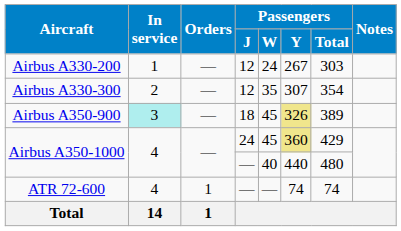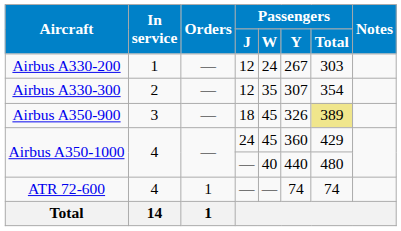 <table class="wikitable" style="margin:0.5em auto; text-align:center">
 <tr>
 <th rowspan=2 style="background:#0081c8; color:white">Aircraft</th>
 <th rowspan=2 style="background:#0081c8; color:white">In<br>service</th>
 <th rowspan=2 style="background:#0081c8; color:white">Orders</th>
 <th colspan=4 style="background:#0081c8; color:white">Passengers</th>
 <th rowspan=2 style="background:#0081c8; color:white">Notes</th>
 </tr>
 <tr>
 <th style="background:#0081c8; color:white"><abbr>J</abbr></th>
 <th style="background:#0081c8; color:white"><abbr>W</abbr></th>
 <th style="background:#0081c8; color:white"><abbr>Y</abbr></th>
 <th style="background:#0081c8; color:white">Total</th>
 </tr>
 <tr>
 <td><a href='#'>Airbus A330-200</a></td>
 <td>1</td>
 <td>—</td>
 <td>12</td>
 <td>24</td>
 <td>267</td>
 <td>303</td>
 <td></td>
 </tr>
 <tr>
 <td><a href='#'>Airbus A330-300</a></td>
 <td>2</td>
 <td>—</td>
 <td>12</td>
 <td>35</td>
 <td>307</td>
 <td>354</td>
 <td></td>
 </tr>
 <tr>
 <td><a href='#'>Airbus A350-900</a></td>
-<td style="background: paleturquoise;">3</td>
+<td>3</td>
 <td>—</td>
 <td>18</td>
 <td>45</td>
-<td style="background: khaki;">326</td>
-<td>389</td>
+<td>326</td>
+<td style="background: khaki;">389</td>
 <td></td>
 </tr>
 <tr>
 <td rowspan=2><a href='#'>Airbus A350-1000</a></td>
 <td rowspan=2>4</td>
 <td rowspan=2>—</td>
 <td>24</td>
 <td>45</td>
-<td style="background: khaki;">360</td>
+<td>360</td>
 <td>429</td>
 <td rowspan=2></td>
 </tr>
 <tr>
 <td>—</td>
 <td>40</td>
 <td>440</td>
 <td>480</td>
 </tr>
 <tr>
 <td><a href='#'>ATR 72-600</a></td>
 <td>4</td>
 <td>1</td>
 <td>—</td>
 <td>—</td>
 <td>74</td>
 <td>74</td>
 <td></td>
 </tr>
 <tr>
 <th>Total</th>
 <th>14</th>
 <th>1</th>
 <th colspan=6></th>
 </tr>
 </table>
